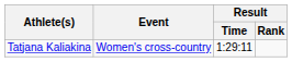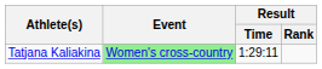 <table class="wikitable">
 <tr>
 <th rowspan="2">Athlete(s)</th>
 <th rowspan="2">Event</th>
 <th colspan="2">Result</th>
 </tr>
 <tr>
 <th>Time</th>
 <th>Rank</th>
 </tr>
 <tr>
 <td><a href='#'>Tatjana Kaliakina</a></td>
-<td><a href='#'>Women's cross-country</a></td>
+<td style="background: lightgreen;"><a href='#'>Women's cross-country</a></td>
 <td>1:29:11</td>
 <td></td>
 </tr>
 </table>
